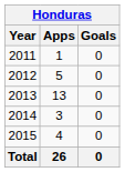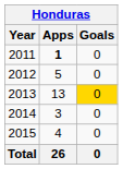 <table class="wikitable" style="text-align:center">
 <tr>
 <th colspan=3><a href='#'>Honduras</a></th>
 </tr>
 <tr>
 <th>Year</th>
 <th>Apps</th>
 <th>Goals</th>
 </tr>
 <tr>
 <td>2011</td>
-<td>1</td>
+<td><strong>1</strong></td>
 <td>0</td>
 </tr>
 <tr>
 <td>2012</td>
 <td>5</td>
 <td>0</td>
 </tr>
 <tr>
 <td>2013</td>
 <td>13</td>
-<td>0</td>
+<td style="background: gold;">0</td>
 </tr>
 <tr>
 <td>2014</td>
 <td>3</td>
 <td>0</td>
 </tr>
 <tr>
 <td>2015</td>
 <td>4</td>
 <td>0</td>
 </tr>
 <tr>
 <th>Total</th>
 <th>26</th>
 <th>0</th>
 </tr>
 </table>
